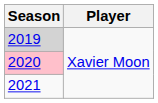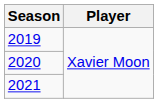 <table class="wikitable">
 <tr>
 <th>Season</th>
 <th>Player</th>
 </tr>
 <tr>
-<td style="background: lightgrey;"><a href='#'>2019</a></td>
+<td><a href='#'>2019</a></td>
 <td rowspan="3"><a href='#'>Xavier Moon</a></td>
 </tr>
 <tr>
-<td style="background: pink;"><a href='#'>2020</a></td>
+<td><a href='#'>2020</a></td>
 </tr>
 <tr>
 <td><a href='#'>2021</a></td>
 </tr>
 </table>
